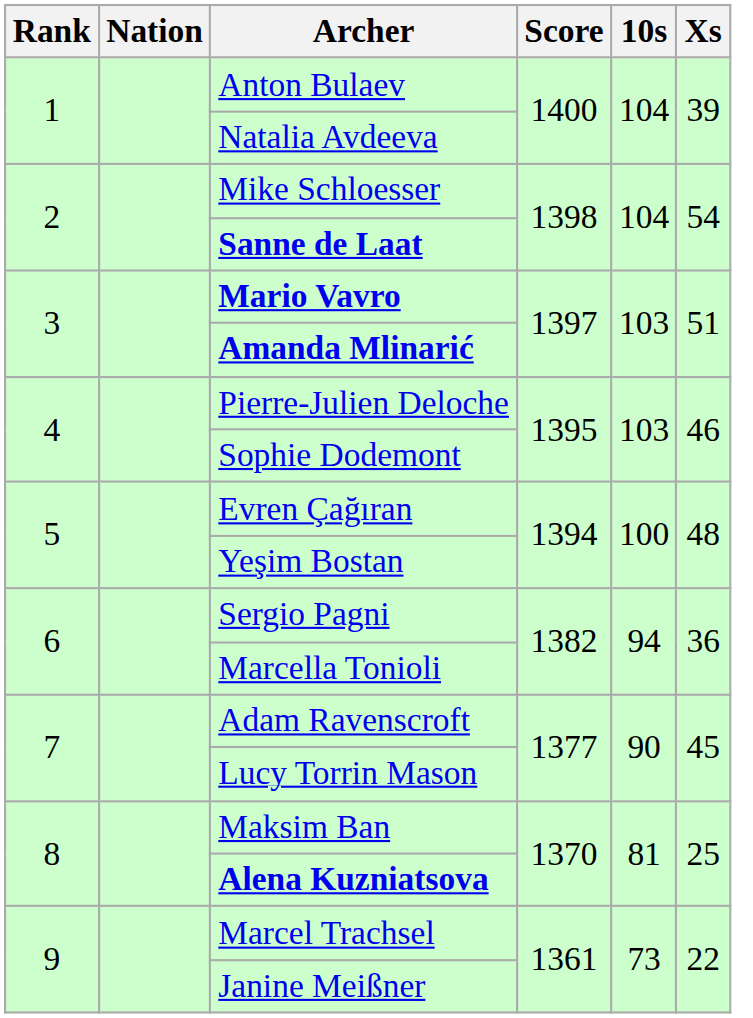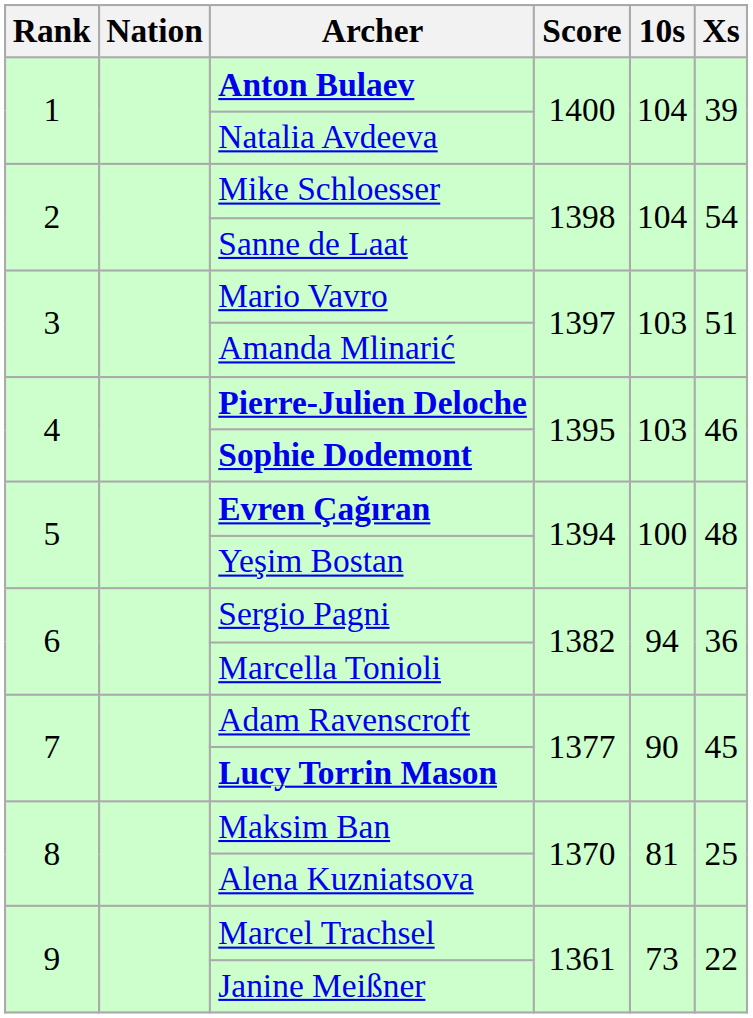 <table class="wikitable sortable" style="text-align:center">
 <tr>
 <th>Rank</th>
 <th>Nation</th>
 <th>Archer</th>
 <th>Score</th>
 <th>10s</th>
 <th>Xs</th>
 </tr>
 <tr bgcolor="#ccffcc">
 <td rowspan="2">1</td>
 <td align="left" rowspan="2"></td>
-<td align="left"><a href='#'>Anton Bulaev</a></td>
+<td align="left"><strong><a href='#'>Anton Bulaev</a></strong></td>
 <td rowspan="2">1400</td>
 <td rowspan="2">104</td>
 <td rowspan="2">39</td>
 </tr>
 <tr bgcolor="#ccffcc">
 <td align="left"><a href='#'>Natalia Avdeeva</a></td>
 </tr>
 <tr bgcolor="#ccffcc">
 <td rowspan="2">2</td>
 <td align="left" rowspan="2"></td>
 <td align="left"><a href='#'>Mike Schloesser</a></td>
 <td rowspan="2">1398</td>
 <td rowspan="2">104</td>
 <td rowspan="2">54</td>
 </tr>
 <tr bgcolor="#ccffcc">
-<td align="left"><strong><a href='#'>Sanne de Laat</a></strong></td>
+<td align="left"><a href='#'>Sanne de Laat</a></td>
 </tr>
 <tr bgcolor="#ccffcc">
 <td rowspan="2">3</td>
 <td align="left" rowspan="2"></td>
-<td align="left"><strong><a href='#'>Mario Vavro</a></strong></td>
+<td align="left"><a href='#'>Mario Vavro</a></td>
 <td rowspan="2">1397</td>
 <td rowspan="2">103</td>
 <td rowspan="2">51</td>
 </tr>
 <tr bgcolor="#ccffcc">
-<td align="left"><strong><a href='#'>Amanda Mlinarić</a></strong></td>
+<td align="left"><a href='#'>Amanda Mlinarić</a></td>
 </tr>
 <tr bgcolor="#ccffcc">
 <td rowspan="2">4</td>
 <td align="left" rowspan="2"></td>
-<td align="left"><a href='#'>Pierre-Julien Deloche</a></td>
+<td align="left"><strong><a href='#'>Pierre-Julien Deloche</a></strong></td>
 <td rowspan="2">1395</td>
 <td rowspan="2">103</td>
 <td rowspan="2">46</td>
 </tr>
 <tr bgcolor="#ccffcc">
-<td align="left"><a href='#'>Sophie Dodemont</a></td>
+<td align="left"><strong><a href='#'>Sophie Dodemont</a></strong></td>
 </tr>
 <tr bgcolor="#ccffcc">
 <td rowspan="2">5</td>
 <td align="left" rowspan="2"></td>
-<td align="left"><a href='#'>Evren Çağıran</a></td>
+<td align="left"><strong><a href='#'>Evren Çağıran</a></strong></td>
 <td rowspan="2">1394</td>
 <td rowspan="2">100</td>
 <td rowspan="2">48</td>
 </tr>
 <tr bgcolor="#ccffcc">
 <td align="left"><a href='#'>Yeşim Bostan</a></td>
 </tr>
 <tr bgcolor="#ccffcc">
 <td rowspan="2">6</td>
 <td align="left" rowspan="2"></td>
 <td align="left"><a href='#'>Sergio Pagni</a></td>
 <td rowspan="2">1382</td>
 <td rowspan="2">94</td>
 <td rowspan="2">36</td>
 </tr>
 <tr bgcolor="#ccffcc">
 <td align="left"><a href='#'>Marcella Tonioli</a></td>
 </tr>
 <tr bgcolor="#ccffcc">
 <td rowspan="2">7</td>
 <td align="left" rowspan="2"></td>
 <td align="left"><a href='#'>Adam Ravenscroft</a></td>
 <td rowspan="2">1377</td>
 <td rowspan="2">90</td>
 <td rowspan="2">45</td>
 </tr>
 <tr bgcolor="#ccffcc">
-<td align="left"><a href='#'>Lucy Torrin Mason</a></td>
+<td align="left"><strong><a href='#'>Lucy Torrin Mason</a></strong></td>
 </tr>
 <tr bgcolor="#ccffcc">
 <td rowspan="2">8</td>
 <td align="left" rowspan="2"></td>
 <td align="left"><a href='#'>Maksim Ban</a></td>
 <td rowspan="2">1370</td>
 <td rowspan="2">81</td>
 <td rowspan="2">25</td>
 </tr>
 <tr bgcolor="#ccffcc">
-<td align="left"><strong><a href='#'>Alena Kuzniatsova</a></strong></td>
+<td align="left"><a href='#'>Alena Kuzniatsova</a></td>
 </tr>
 <tr bgcolor="#ccffcc">
 <td rowspan="2">9</td>
 <td align="left" rowspan="2"></td>
 <td align="left"><a href='#'>Marcel Trachsel</a></td>
 <td rowspan="2">1361</td>
 <td rowspan="2">73</td>
 <td rowspan="2">22</td>
 </tr>
 <tr bgcolor="#ccffcc">
 <td align="left"><a href='#'>Janine Meißner</a></td>
 </tr>
 </table>
